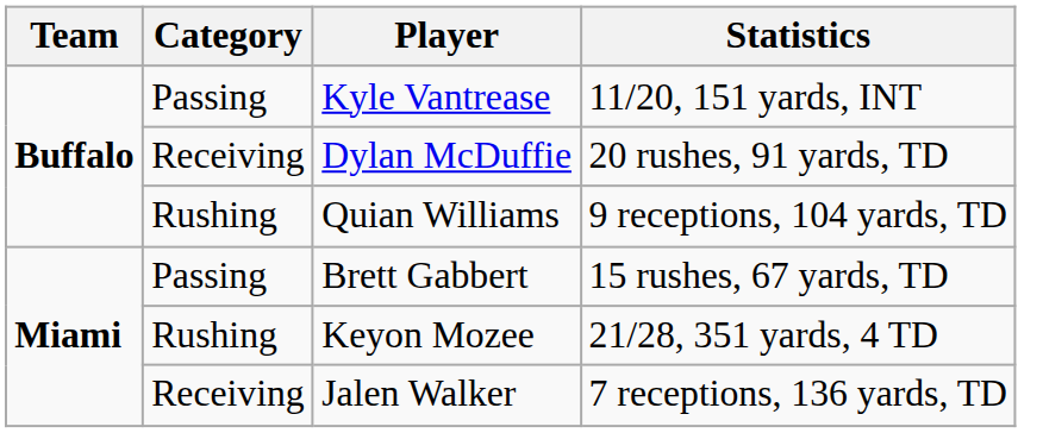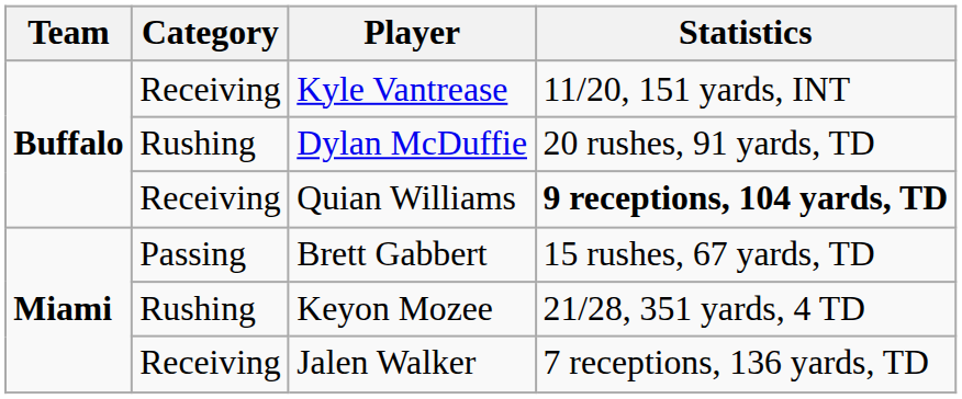 <table class="wikitable" style="float: left;">
 <tr>
 <th>Team</th>
 <th>Category</th>
 <th>Player</th>
 <th>Statistics</th>
 </tr>
 <tr>
 <td rowspan=3><strong>Buffalo</strong></td>
-<td>Passing</td>
+<td>Receiving</td>
 <td><a href='#'>Kyle Vantrease</a></td>
 <td>11/20, 151 yards, INT</td>
 </tr>
 <tr>
-<td>Receiving</td>
+<td>Rushing</td>
 <td><a href='#'>Dylan McDuffie</a></td>
 <td>20 rushes, 91 yards, TD</td>
 </tr>
 <tr>
-<td>Rushing</td>
+<td>Receiving</td>
 <td>Quian Williams</td>
-<td>9 receptions, 104 yards, TD</td>
+<td><strong>9 receptions, 104 yards, TD</strong></td>
 </tr>
 <tr>
 <td rowspan=3><strong>Miami</strong></td>
 <td>Passing</td>
 <td>Brett Gabbert</td>
 <td>15 rushes, 67 yards, TD</td>
 </tr>
 <tr>
 <td>Rushing</td>
 <td>Keyon Mozee</td>
 <td>21/28, 351 yards, 4 TD</td>
 </tr>
 <tr>
 <td>Receiving</td>
 <td>Jalen Walker</td>
 <td>7 receptions, 136 yards, TD</td>
 </tr>
 </table>
